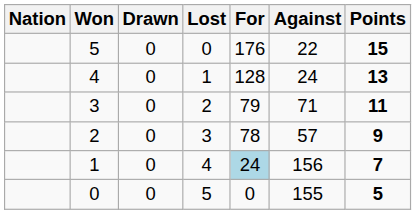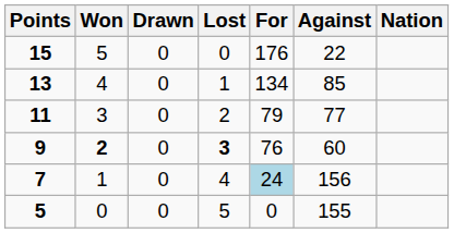 <table class="wikitable" style="text-align: center;">
 <tr>
-<th>Nation</th>
+<th>Points</th>
 <th>Won</th>
 <th>Drawn</th>
 <th>Lost</th>
 <th>For</th>
 <th>Against</th>
-<th>Points</th>
+<th>Nation</th>
 </tr>
 <tr>
-<td align="left"></td>
+<td><strong>15</strong></td>
 <td>5</td>
 <td>0</td>
 <td>0</td>
 <td>176</td>
 <td>22</td>
-<td><strong>15</strong></td>
+<td align="left"></td>
 </tr>
 <tr>
-<td align="left"></td>
+<td><strong>13</strong></td>
 <td>4</td>
 <td>0</td>
 <td>1</td>
-<td>128</td>
-<td>24</td>
-<td><strong>13</strong></td>
+<td>134</td>
+<td>85</td>
+<td align="left"></td>
 </tr>
 <tr>
-<td align="left"></td>
+<td><strong>11</strong></td>
 <td>3</td>
 <td>0</td>
 <td>2</td>
 <td>79</td>
-<td>71</td>
-<td><strong>11</strong></td>
+<td>77</td>
+<td align="left"></td>
 </tr>
 <tr>
+<td><strong>9</strong></td>
+<td><strong>2</strong></td>
+<td>0</td>
+<td><strong>3</strong></td>
+<td>76</td>
+<td>60</td>
 <td align="left"></td>
-<td>2</td>
-<td>0</td>
-<td>3</td>
-<td>78</td>
-<td>57</td>
-<td><strong>9</strong></td>
 </tr>
 <tr>
-<td align="left"></td>
+<td><strong>7</strong></td>
 <td>1</td>
 <td>0</td>
 <td>4</td>
 <td style="background: lightblue;">24</td>
 <td>156</td>
-<td><strong>7</strong></td>
+<td align="left"></td>
 </tr>
 <tr>
-<td align="left"></td>
+<td><strong>5</strong></td>
 <td>0</td>
 <td>0</td>
 <td>5</td>
 <td>0</td>
 <td>155</td>
-<td><strong>5</strong></td>
+<td align="left"></td>
 </tr>
 </table>
